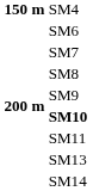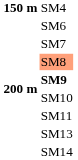 <table>
 <tr>
 <th>150 m</th>
 <td>SM4 <br></td>
 <td></td>
 <td></td>
 <td></td>
 </tr>
 <tr>
 <th rowspan="8">200 m</th>
 <td>SM6 <br></td>
 <td></td>
 <td></td>
 <td></td>
 </tr>
 <tr>
 <td>SM7 <br></td>
 <td></td>
 <td></td>
 <td></td>
 </tr>
 <tr>
-<td>SM8 <br></td>
+<td style="background: lightsalmon;">SM8 <br></td>
 <td></td>
 <td></td>
 <td></td>
 </tr>
 <tr>
-<td>SM9 <br></td>
+<td><strong>SM9 <br></strong></td>
 <td></td>
 <td></td>
 <td></td>
 </tr>
 <tr>
-<td><strong>SM10 <br></strong></td>
+<td>SM10 <br></td>
 <td></td>
 <td></td>
 <td></td>
 </tr>
 <tr>
 <td>SM11 <br></td>
 <td></td>
 <td></td>
 <td></td>
 </tr>
 <tr>
 <td>SM13 <br></td>
 <td></td>
 <td></td>
 <td></td>
 </tr>
 <tr>
 <td>SM14 <br></td>
 <td></td>
 <td></td>
 <td></td>
 </tr>
 </table>
